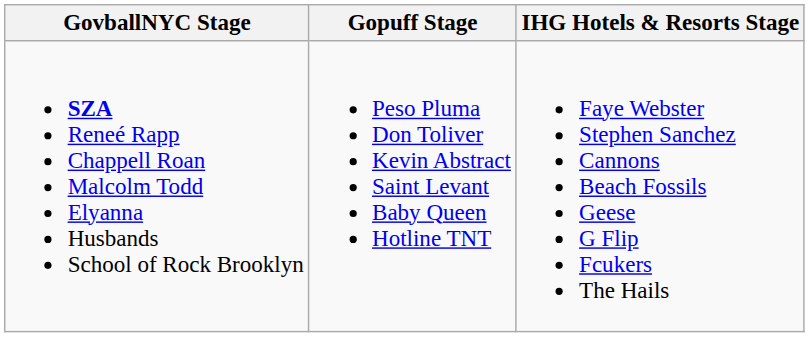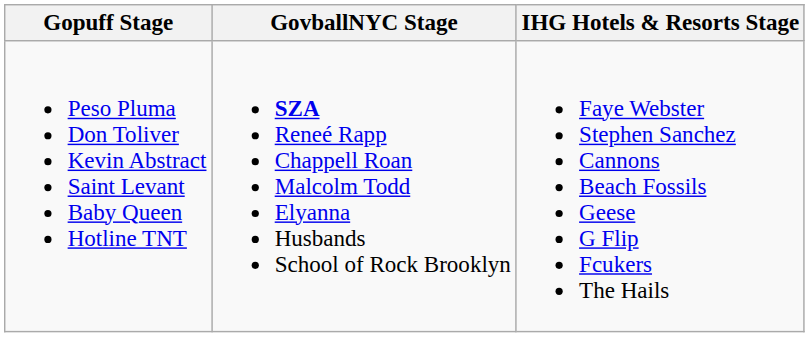 <table class="wikitable">
 <tr>
+<th>Gopuff Stage</th>
 <th>GovballNYC Stage</th>
-<th>Gopuff Stage</th>
 <th>IHG Hotels & Resorts Stage</th>
 </tr>
 <tr valign="top">
+<td><br><ul><li><a href='#'>Peso Pluma</a></li><li><a href='#'>Don Toliver</a></li><li><a href='#'>Kevin Abstract</a></li><li><a href='#'>Saint Levant</a></li><li><a href='#'>Baby Queen</a></li><li><a href='#'>Hotline TNT</a></li></ul></td>
 <td><br><ul><li><strong><a href='#'>SZA</a></strong></li><li><a href='#'>Reneé Rapp</a></li><li><a href='#'>Chappell Roan</a></li><li><a href='#'>Malcolm Todd</a></li><li><a href='#'>Elyanna</a></li><li>Husbands</li><li>School of Rock Brooklyn</li></ul></td>
-<td><br><ul><li><a href='#'>Peso Pluma</a></li><li><a href='#'>Don Toliver</a></li><li><a href='#'>Kevin Abstract</a></li><li><a href='#'>Saint Levant</a></li><li><a href='#'>Baby Queen</a></li><li><a href='#'>Hotline TNT</a></li></ul></td>
 <td><br><ul><li><a href='#'>Faye Webster</a></li><li><a href='#'>Stephen Sanchez</a></li><li><a href='#'>Cannons</a></li><li><a href='#'>Beach Fossils</a></li><li><a href='#'>Geese</a></li><li><a href='#'>G Flip</a></li><li><a href='#'>Fcukers</a></li><li>The Hails</li></ul></td>
 </tr>
 </table>
